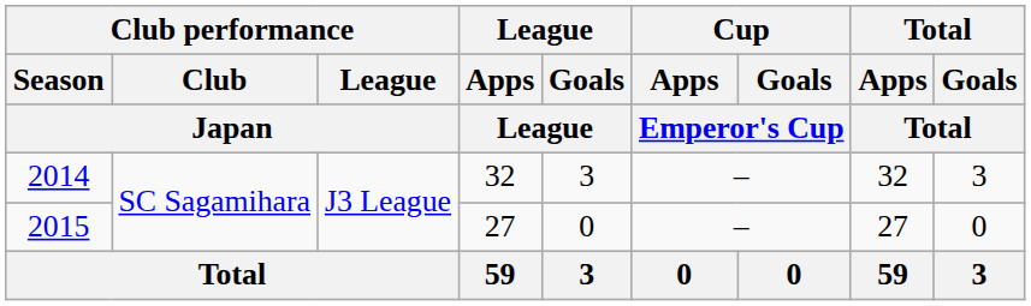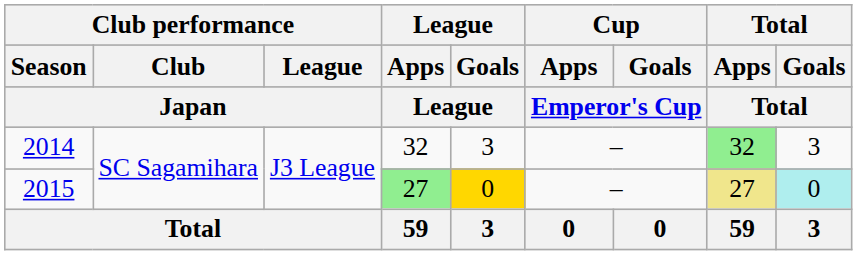 <table class="wikitable" style="text-align:center;">
 <tr>
 <th colspan=3>Club performance</th>
 <th colspan=2>League</th>
 <th colspan=2>Cup</th>
 <th colspan=2>Total</th>
 </tr>
 <tr>
 <th>Season</th>
 <th>Club</th>
 <th>League</th>
 <th>Apps</th>
 <th>Goals</th>
 <th>Apps</th>
 <th>Goals</th>
 <th>Apps</th>
 <th>Goals</th>
 </tr>
 <tr>
 <th colspan=3>Japan</th>
 <th colspan=2>League</th>
 <th colspan=2><a href='#'>Emperor's Cup</a></th>
 <th colspan=2>Total</th>
 </tr>
 <tr>
 <td><a href='#'>2014</a></td>
 <td rowspan="2"><a href='#'>SC Sagamihara</a></td>
 <td rowspan="2"><a href='#'>J3 League</a></td>
 <td>32</td>
 <td>3</td>
 <td colspan="2">–</td>
-<td>32</td>
+<td style="background: lightgreen;">32</td>
 <td>3</td>
 </tr>
 <tr>
 <td><a href='#'>2015</a></td>
-<td>27</td>
-<td>0</td>
+<td style="background: lightgreen;">27</td>
+<td style="background: gold;">0</td>
 <td colspan="2">–</td>
-<td>27</td>
-<td>0</td>
+<td style="background: khaki;">27</td>
+<td style="background: paleturquoise;">0</td>
 </tr>
 <tr>
 <th colspan=3>Total</th>
 <th>59</th>
 <th>3</th>
 <th>0</th>
 <th>0</th>
 <th>59</th>
 <th>3</th>
 </tr>
 </table>
